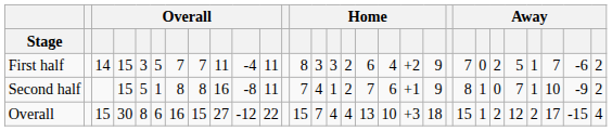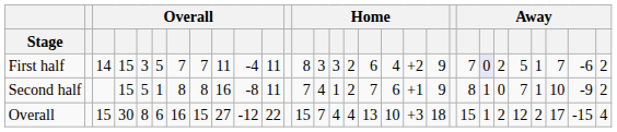 <table class="wikitable" style="text-align: right;">
 <tr>
 <th rawspan=2></th>
 <th rawspan=2></th>
 <th colspan=9>Overall</th>
 <th rawspan=1></th>
 <th colspan=8>Home</th>
 <th rawspan=1></th>
 <th colspan=8>Away</th>
 </tr>
 <tr>
 <th>Stage</th>
 <th></th>
 <th></th>
 <th></th>
 <th></th>
 <th></th>
 <th></th>
 <th></th>
 <th></th>
 <th></th>
 <th></th>
 <th></th>
 <th></th>
 <th></th>
 <th></th>
 <th></th>
 <th></th>
 <th></th>
 <th></th>
 <th></th>
 <th></th>
 <th></th>
 <th></th>
 <th></th>
 <th></th>
 <th></th>
 <th></th>
 <th></th>
 <th></th>
 </tr>
 <tr>
 <td align="left">First half</td>
 <td></td>
 <td>14</td>
 <td>15</td>
 <td>3</td>
 <td>5</td>
 <td>7</td>
 <td>7</td>
 <td>11</td>
 <td>-4</td>
 <td>11</td>
 <td></td>
 <td>8</td>
 <td>3</td>
 <td>3</td>
 <td>2</td>
 <td>6</td>
 <td>4</td>
 <td>+2</td>
 <td>9</td>
 <td></td>
 <td>7</td>
-<td>0</td>
+<td style="background: lavender;">0</td>
 <td>2</td>
 <td>5</td>
 <td>1</td>
 <td>7</td>
 <td>-6</td>
 <td>2</td>
 </tr>
 <tr>
 <td align="left">Second half</td>
 <td></td>
 <td></td>
 <td>15</td>
 <td>5</td>
 <td>1</td>
 <td>8</td>
 <td>8</td>
 <td>16</td>
 <td>-8</td>
 <td>11</td>
 <td></td>
 <td>7</td>
 <td>4</td>
 <td>1</td>
 <td>2</td>
 <td>7</td>
 <td>6</td>
 <td>+1</td>
 <td>9</td>
 <td></td>
 <td>8</td>
 <td>1</td>
 <td>0</td>
 <td>7</td>
 <td>1</td>
 <td>10</td>
 <td>-9</td>
 <td>2</td>
 </tr>
 <tr>
 <td align="left">Overall</td>
 <td></td>
 <td>15</td>
 <td>30</td>
 <td>8</td>
 <td>6</td>
 <td>16</td>
 <td>15</td>
 <td>27</td>
 <td>-12</td>
 <td>22</td>
 <td></td>
 <td>15</td>
 <td>7</td>
 <td>4</td>
 <td>4</td>
 <td>13</td>
 <td>10</td>
 <td>+3</td>
 <td>18</td>
 <td></td>
 <td>15</td>
 <td>1</td>
 <td>2</td>
 <td>12</td>
 <td>2</td>
 <td>17</td>
 <td>-15</td>
 <td>4</td>
 </tr>
 </table>
